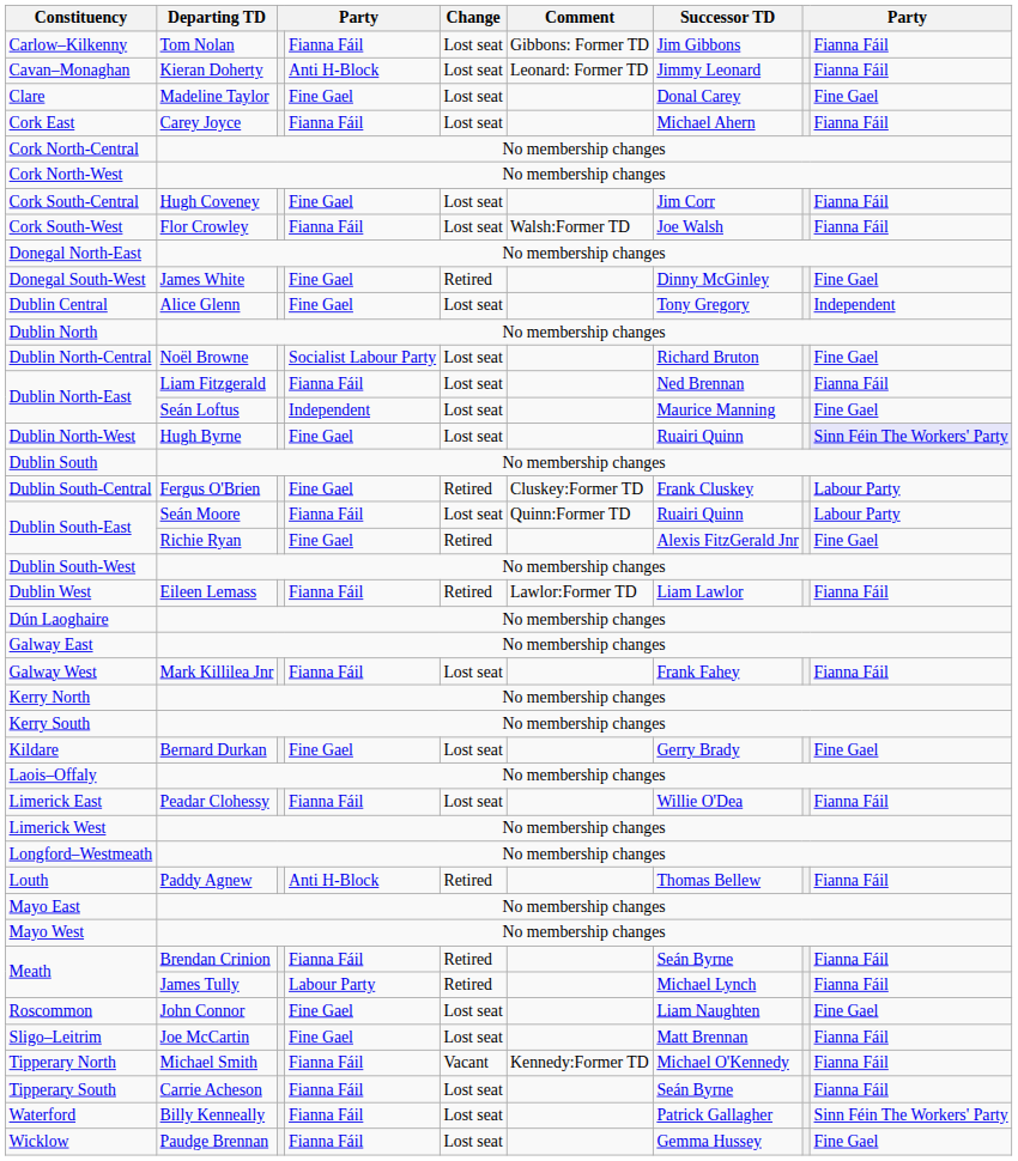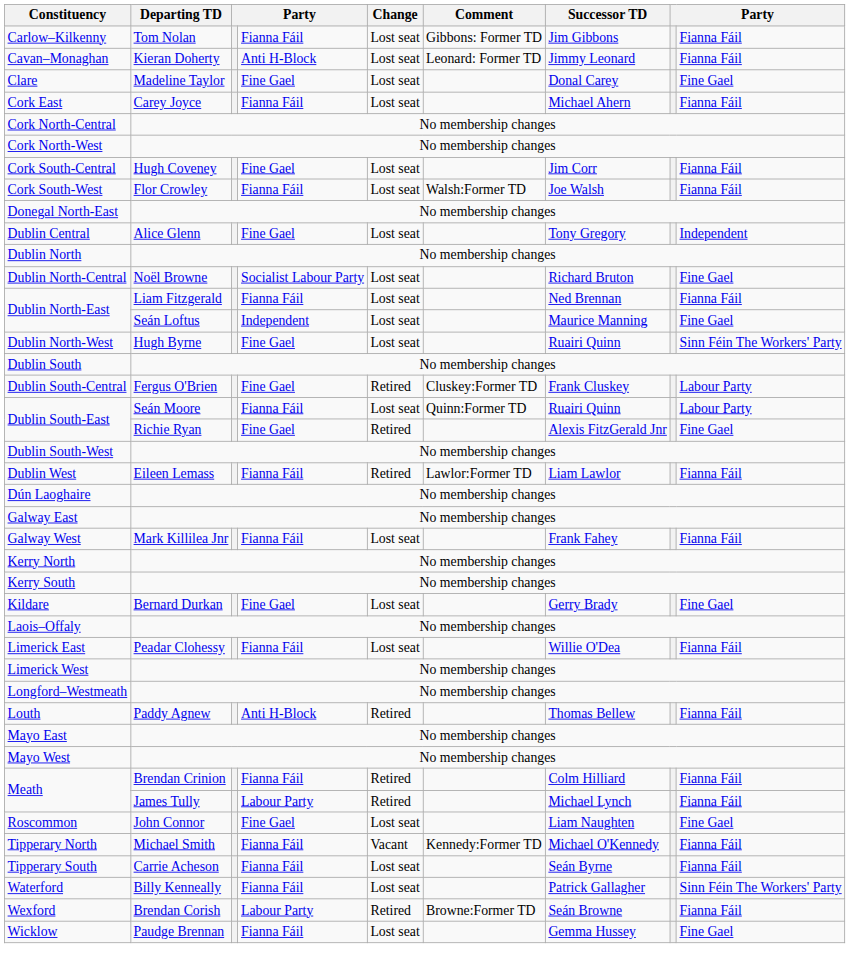 <table class="wikitable">
 <tr style="background: #efefef;">
 <th scope="col">Constituency</th>
 <th scope="col">Departing TD</th>
 <th scope="col" colspan="2">Party</th>
 <th scope="col">Change</th>
 <th scope="col">Comment</th>
 <th scope="col">Successor TD</th>
 <th scope="col" colspan="2">Party</th>
 </tr>
 <tr>
 <td><a href='#'>Carlow–Kilkenny</a></td>
 <td><a href='#'>Tom Nolan</a></td>
 <th style="background-color: "></th>
 <td><a href='#'>Fianna Fáil</a></td>
 <td>Lost seat</td>
 <td>Gibbons: Former TD</td>
 <td><a href='#'>Jim Gibbons</a></td>
 <th style="background-color: "></th>
 <td><a href='#'>Fianna Fáil</a></td>
 </tr>
 <tr>
 <td><a href='#'>Cavan–Monaghan</a></td>
 <td><a href='#'>Kieran Doherty</a></td>
 <th style="background-color: "></th>
 <td><a href='#'>Anti H-Block</a></td>
 <td>Lost seat</td>
 <td>Leonard: Former TD</td>
 <td><a href='#'>Jimmy Leonard</a></td>
 <th style="background-color: "></th>
 <td><a href='#'>Fianna Fáil</a></td>
 </tr>
 <tr>
 <td><a href='#'>Clare</a></td>
 <td><a href='#'>Madeline Taylor</a></td>
 <th style="background-color: "></th>
 <td><a href='#'>Fine Gael</a></td>
 <td>Lost seat</td>
 <td></td>
 <td><a href='#'>Donal Carey</a></td>
 <th style="background-color: "></th>
 <td><a href='#'>Fine Gael</a></td>
 </tr>
 <tr>
 <td><a href='#'>Cork East</a></td>
 <td><a href='#'>Carey Joyce</a></td>
 <th style="background-color: "></th>
 <td><a href='#'>Fianna Fáil</a></td>
 <td>Lost seat</td>
 <td></td>
 <td><a href='#'>Michael Ahern</a></td>
 <th style="background-color: "></th>
 <td><a href='#'>Fianna Fáil</a></td>
 </tr>
 <tr>
 <td><a href='#'>Cork North-Central</a></td>
 <td colspan=8 align=center>No membership changes</td>
 </tr>
 <tr>
 <td><a href='#'>Cork North-West</a></td>
 <td colspan=8 align=center>No membership changes</td>
 </tr>
 <tr>
 <td><a href='#'>Cork South-Central</a></td>
 <td><a href='#'>Hugh Coveney</a></td>
 <th style="background-color: "></th>
 <td><a href='#'>Fine Gael</a></td>
 <td>Lost seat</td>
 <td></td>
 <td><a href='#'>Jim Corr</a></td>
 <th style="background-color: "></th>
 <td><a href='#'>Fianna Fáil</a></td>
 </tr>
 <tr>
 <td><a href='#'>Cork South-West</a></td>
 <td><a href='#'>Flor Crowley</a></td>
 <th style="background-color: "></th>
 <td><a href='#'>Fianna Fáil</a></td>
 <td>Lost seat</td>
 <td>Walsh:Former TD</td>
 <td><a href='#'>Joe Walsh</a></td>
 <th style="background-color: "></th>
 <td><a href='#'>Fianna Fáil</a></td>
 </tr>
 <tr>
 <td><a href='#'>Donegal North-East</a></td>
 <td colspan=8 align=center>No membership changes</td>
 </tr>
 <tr>
-<td><a href='#'>Donegal South-West</a></td>
-<td><a href='#'>James White</a></td>
-<th style="background-color: "></th>
-<td><a href='#'>Fine Gael</a></td>
-<td>Retired</td>
-<td></td>
-<td><a href='#'>Dinny McGinley</a></td>
-<th style="background-color: "></th>
-<td><a href='#'>Fine Gael</a></td>
-</tr>
-<tr>
 <td><a href='#'>Dublin Central</a></td>
 <td><a href='#'>Alice Glenn</a></td>
 <th style="background-color: "></th>
 <td><a href='#'>Fine Gael</a></td>
 <td>Lost seat</td>
 <td></td>
 <td><a href='#'>Tony Gregory</a></td>
 <th style="background-color: "></th>
 <td><a href='#'>Independent</a></td>
 </tr>
 <tr>
 <td><a href='#'>Dublin North</a></td>
 <td colspan=8 align=center>No membership changes</td>
 </tr>
 <tr>
 <td><a href='#'>Dublin North-Central</a></td>
 <td><a href='#'>Noël Browne</a></td>
 <th style="background-color: "></th>
 <td><a href='#'>Socialist Labour Party</a></td>
 <td>Lost seat</td>
 <td></td>
 <td><a href='#'>Richard Bruton</a></td>
 <th style="background-color: "></th>
 <td><a href='#'>Fine Gael</a></td>
 </tr>
 <tr>
 <td rowspan=2><a href='#'>Dublin North-East</a></td>
 <td><a href='#'>Liam Fitzgerald</a></td>
 <th style="background-color: "></th>
 <td><a href='#'>Fianna Fáil</a></td>
 <td>Lost seat</td>
 <td></td>
 <td><a href='#'>Ned Brennan</a></td>
 <th style="background-color: "></th>
 <td><a href='#'>Fianna Fáil</a></td>
 </tr>
 <tr>
 <td><a href='#'>Seán Loftus</a></td>
 <th style="background-color: "></th>
 <td><a href='#'>Independent</a></td>
 <td>Lost seat</td>
 <td></td>
 <td><a href='#'>Maurice Manning</a></td>
 <th style="background-color: "></th>
 <td><a href='#'>Fine Gael</a></td>
 </tr>
 <tr>
 <td><a href='#'>Dublin North-West</a></td>
 <td><a href='#'>Hugh Byrne</a></td>
 <th style="background-color: "></th>
 <td><a href='#'>Fine Gael</a></td>
 <td>Lost seat</td>
 <td></td>
 <td><a href='#'>Ruairi Quinn</a></td>
 <th style="background-color: "></th>
-<td style="background: lavender;"><a href='#'>Sinn Féin The Workers' Party</a></td>
+<td><a href='#'>Sinn Féin The Workers' Party</a></td>
 </tr>
 <tr>
 <td><a href='#'>Dublin South</a></td>
 <td colspan=8 align=center>No membership changes</td>
 </tr>
 <tr>
 <td><a href='#'>Dublin South-Central</a></td>
 <td><a href='#'>Fergus O'Brien</a></td>
 <th style="background-color: "></th>
 <td><a href='#'>Fine Gael</a></td>
 <td>Retired</td>
 <td>Cluskey:Former TD</td>
 <td><a href='#'>Frank Cluskey</a></td>
 <th style="background-color: "></th>
 <td><a href='#'>Labour Party</a></td>
 </tr>
 <tr>
 <td rowspan=2><a href='#'>Dublin South-East</a></td>
 <td><a href='#'>Seán Moore</a></td>
 <th style="background-color: "></th>
 <td><a href='#'>Fianna Fáil</a></td>
 <td>Lost seat</td>
 <td>Quinn:Former TD</td>
 <td><a href='#'>Ruairi Quinn</a></td>
 <th style="background-color: "></th>
 <td><a href='#'>Labour Party</a></td>
 </tr>
 <tr>
 <td><a href='#'>Richie Ryan</a></td>
 <th style="background-color: "></th>
 <td><a href='#'>Fine Gael</a></td>
 <td>Retired</td>
 <td></td>
 <td><a href='#'>Alexis FitzGerald Jnr</a></td>
 <th style="background-color: "></th>
 <td><a href='#'>Fine Gael</a></td>
 </tr>
 <tr>
 <td><a href='#'>Dublin South-West</a></td>
 <td colspan=8 align=center>No membership changes</td>
 </tr>
 <tr>
 <td><a href='#'>Dublin West</a></td>
 <td><a href='#'>Eileen Lemass</a></td>
 <th style="background-color: "></th>
 <td><a href='#'>Fianna Fáil</a></td>
 <td>Retired</td>
 <td>Lawlor:Former TD</td>
 <td><a href='#'>Liam Lawlor</a></td>
 <th style="background-color: "></th>
 <td><a href='#'>Fianna Fáil</a></td>
 </tr>
 <tr>
 <td><a href='#'>Dún Laoghaire</a></td>
 <td colspan=8 align=center>No membership changes</td>
 </tr>
 <tr>
 <td><a href='#'>Galway East</a></td>
 <td colspan=8 align=center>No membership changes</td>
 </tr>
 <tr>
 <td><a href='#'>Galway West</a></td>
 <td><a href='#'>Mark Killilea Jnr</a></td>
 <th style="background-color: "></th>
 <td><a href='#'>Fianna Fáil</a></td>
 <td>Lost seat</td>
 <td></td>
 <td><a href='#'>Frank Fahey</a></td>
 <th style="background-color: "></th>
 <td><a href='#'>Fianna Fáil</a></td>
 </tr>
 <tr>
 <td><a href='#'>Kerry North</a></td>
 <td colspan=8 align=center>No membership changes</td>
 </tr>
 <tr>
 <td><a href='#'>Kerry South</a></td>
 <td colspan=8 align=center>No membership changes</td>
 </tr>
 <tr>
 <td><a href='#'>Kildare</a></td>
 <td><a href='#'>Bernard Durkan</a></td>
 <th style="background-color: "></th>
 <td><a href='#'>Fine Gael</a></td>
 <td>Lost seat</td>
 <td></td>
 <td><a href='#'>Gerry Brady</a></td>
 <th style="background-color: "></th>
 <td><a href='#'>Fine Gael</a></td>
 </tr>
 <tr>
 <td><a href='#'>Laois–Offaly</a></td>
 <td colspan=8 align=center>No membership changes</td>
 </tr>
 <tr>
 <td><a href='#'>Limerick East</a></td>
 <td><a href='#'>Peadar Clohessy</a></td>
 <th style="background-color: "></th>
 <td><a href='#'>Fianna Fáil</a></td>
 <td>Lost seat</td>
 <td></td>
 <td><a href='#'>Willie O'Dea</a></td>
 <th style="background-color: "></th>
 <td><a href='#'>Fianna Fáil</a></td>
 </tr>
 <tr>
 <td><a href='#'>Limerick West</a></td>
 <td colspan=8 align=center>No membership changes</td>
 </tr>
 <tr>
 <td><a href='#'>Longford–Westmeath</a></td>
 <td colspan=8 align=center>No membership changes</td>
 </tr>
 <tr>
 <td><a href='#'>Louth</a></td>
 <td><a href='#'>Paddy Agnew</a></td>
 <th style="background-color: "></th>
 <td><a href='#'>Anti H-Block</a></td>
 <td>Retired</td>
 <td></td>
 <td><a href='#'>Thomas Bellew</a></td>
 <th style="background-color: "></th>
 <td><a href='#'>Fianna Fáil</a></td>
 </tr>
 <tr>
 <td><a href='#'>Mayo East</a></td>
 <td colspan=8 align=center>No membership changes</td>
 </tr>
 <tr>
 <td><a href='#'>Mayo West</a></td>
 <td colspan=8 align=center>No membership changes</td>
 </tr>
 <tr>
 <td rowspan=2><a href='#'>Meath</a></td>
 <td><a href='#'>Brendan Crinion</a></td>
 <th style="background-color: "></th>
 <td><a href='#'>Fianna Fáil</a></td>
 <td>Retired</td>
 <td></td>
-<td><a href='#'>Seán Byrne</a></td>
+<td><a href='#'>Colm Hilliard</a></td>
 <th style="background-color: "></th>
 <td><a href='#'>Fianna Fáil</a></td>
 </tr>
 <tr>
 <td><a href='#'>James Tully</a></td>
 <th style="background-color: "></th>
 <td><a href='#'>Labour Party</a></td>
 <td>Retired</td>
 <td></td>
 <td><a href='#'>Michael Lynch</a></td>
 <th style="background-color: "></th>
 <td><a href='#'>Fianna Fáil</a></td>
 </tr>
 <tr>
 <td><a href='#'>Roscommon</a></td>
 <td><a href='#'>John Connor</a></td>
 <th style="background-color: "></th>
 <td><a href='#'>Fine Gael</a></td>
 <td>Lost seat</td>
 <td></td>
 <td><a href='#'>Liam Naughten</a></td>
 <th style="background-color: "></th>
 <td><a href='#'>Fine Gael</a></td>
-</tr>
-<tr>
-<td><a href='#'>Sligo–Leitrim</a></td>
-<td><a href='#'>Joe McCartin</a></td>
-<th style="background-color: "></th>
-<td><a href='#'>Fine Gael</a></td>
-<td>Lost seat</td>
-<td></td>
-<td><a href='#'>Matt Brennan</a></td>
-<th style="background-color: "></th>
-<td><a href='#'>Fianna Fáil</a></td>
 </tr>
 <tr>
 <td><a href='#'>Tipperary North</a></td>
 <td><a href='#'>Michael Smith</a></td>
 <th style="background-color: "></th>
 <td><a href='#'>Fianna Fáil</a></td>
 <td>Vacant</td>
 <td>Kennedy:Former TD</td>
 <td><a href='#'>Michael O'Kennedy</a></td>
 <th style="background-color: "></th>
 <td><a href='#'>Fianna Fáil</a></td>
 </tr>
 <tr>
 <td><a href='#'>Tipperary South</a></td>
 <td><a href='#'>Carrie Acheson</a></td>
 <th style="background-color: "></th>
 <td><a href='#'>Fianna Fáil</a></td>
 <td>Lost seat</td>
 <td></td>
 <td><a href='#'>Seán Byrne</a></td>
 <th style="background-color: "></th>
 <td><a href='#'>Fianna Fáil</a></td>
 </tr>
 <tr>
 <td><a href='#'>Waterford</a></td>
 <td><a href='#'>Billy Kenneally</a></td>
 <th style="background-color: "></th>
 <td><a href='#'>Fianna Fáil</a></td>
 <td>Lost seat</td>
 <td></td>
 <td><a href='#'>Patrick Gallagher</a></td>
 <th style="background-color: "></th>
 <td><a href='#'>Sinn Féin The Workers' Party</a></td>
 </tr>
 <tr>
+<td><a href='#'>Wexford</a></td>
+<td><a href='#'>Brendan Corish</a></td>
+<th style="background-color: "></th>
+<td><a href='#'>Labour Party</a></td>
+<td>Retired</td>
+<td>Browne:Former TD</td>
+<td><a href='#'>Seán Browne</a></td>
+<th style="background-color: "></th>
+<td><a href='#'>Fianna Fáil</a></td>
+</tr>
+<tr>
 <td><a href='#'>Wicklow</a></td>
 <td><a href='#'>Paudge Brennan</a></td>
 <th style="background-color: "></th>
 <td><a href='#'>Fianna Fáil</a></td>
 <td>Lost seat</td>
 <td></td>
 <td><a href='#'>Gemma Hussey</a></td>
 <th style="background-color: "></th>
 <td><a href='#'>Fine Gael</a></td>
 </tr>
 </table>
